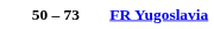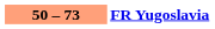 <table style="text-align:center">
 <tr>
 <th width=200></th>
 <th width=100></th>
 <th width=200></th>
 </tr>
 <tr>
 <td align=right></td>
-<td><strong>50 – 73</strong></td>
+<td style="background: lightsalmon;"><strong>50 – 73</strong></td>
 <td align=left><strong> <a href='#'>FR Yugoslavia</a></strong></td>
 </tr>
 </table>
